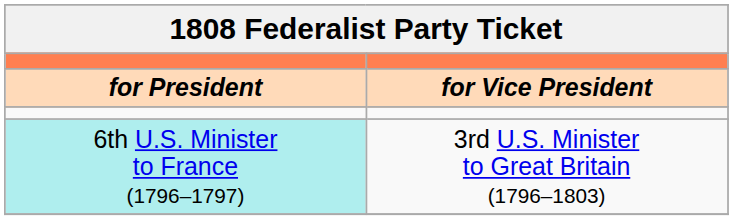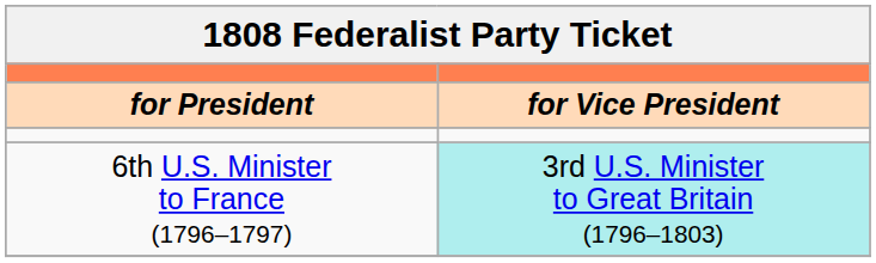 <table class="wikitable" style="font-size:90%; text-align:center;">
 <tr>
 <td style="background:#f1f1f1;" colspan="30"><big><strong>1808 Federalist Party Ticket</strong></big></td>
 </tr>
 <tr>
 <th style="width:3em; font-size:135%; background:#FF7F50; width:200px;"><a href='#'></a></th>
 <th style="width:3em; font-size:135%; background:#FF7F50; width:200px;"><a href='#'></a></th>
 </tr>
 <tr>
 <td style="width:3em; font-size:100%; color:#000; background:#FFDAB9; width:200px;"><strong><em>for President</em></strong></td>
 <td style="width:3em; font-size:100%; color:#000; background:#FFDAB9; width:200px;"><strong><em>for Vice President</em></strong></td>
 </tr>
 <tr>
 <td></td>
 <td></td>
 </tr>
 <tr>
-<td style="background: paleturquoise;">6th <a href='#'>U.S. Minister<br>to France</a><br><small>(1796–1797)</small></td>
-<td>3rd <a href='#'>U.S. Minister<br>to Great Britain</a><br><small>(1796–1803)</small></td>
+<td>6th <a href='#'>U.S. Minister<br>to France</a><br><small>(1796–1797)</small></td>
+<td style="background: paleturquoise;">3rd <a href='#'>U.S. Minister<br>to Great Britain</a><br><small>(1796–1803)</small></td>
 </tr>
 <tr>
 </tr>
 </table>
